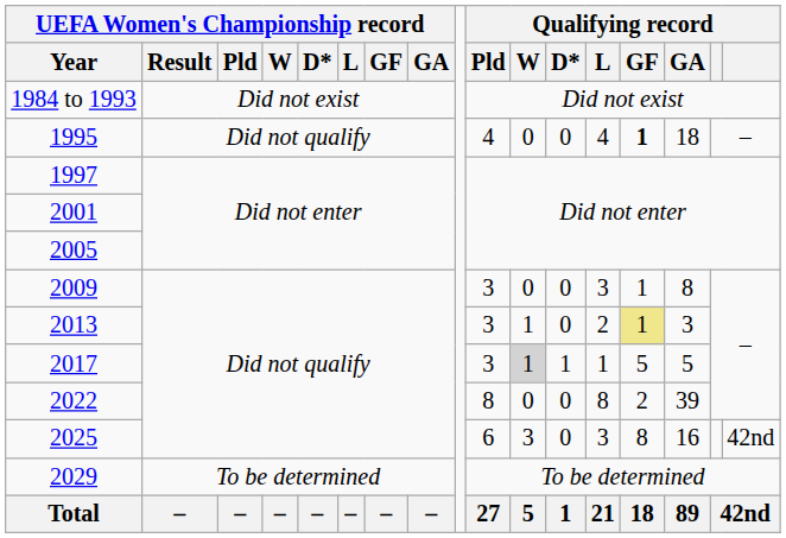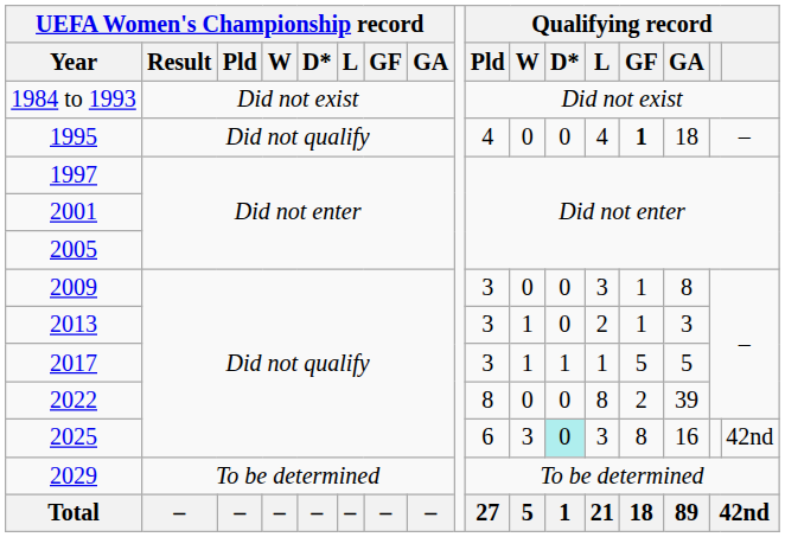 <table class="wikitable" style="text-align: center;">
 <tr>
 <th colspan=8><a href='#'>UEFA Women's Championship</a> record</th>
 <td rowspan=100></td>
 <th colspan=8>Qualifying record</th>
 </tr>
 <tr>
 <th>Year</th>
 <th>Result</th>
 <th>Pld</th>
 <th>W</th>
 <th>D*</th>
 <th>L</th>
 <th>GF</th>
 <th>GA<br></th>
 <th>Pld</th>
 <th>W</th>
 <th>D*</th>
 <th>L</th>
 <th>GF</th>
 <th>GA</th>
 <th></th>
 <th></th>
 </tr>
 <tr>
 <td><a href='#'>1984</a> to  <a href='#'>1993</a></td>
 <td colspan=7><em>Did not exist</em></td>
 <td colspan=8><em>Did not exist</em></td>
 </tr>
 <tr>
 <td> <a href='#'>1995</a></td>
 <td colspan=7><em>Did not qualify</em></td>
 <td>4</td>
 <td>0</td>
 <td>0</td>
 <td>4</td>
 <td><strong>1</strong></td>
 <td>18</td>
 <td colspan=2>–</td>
 </tr>
 <tr>
 <td> <a href='#'>1997</a></td>
 <td colspan=7 rowspan=3><em>Did not enter</em></td>
 <td colspan=8 rowspan=3><em>Did not enter</em></td>
 </tr>
 <tr>
 <td> <a href='#'>2001</a></td>
 </tr>
 <tr>
 <td> <a href='#'>2005</a></td>
 </tr>
 <tr>
 <td> <a href='#'>2009</a></td>
 <td colspan=7 rowspan=5><em>Did not qualify</em></td>
 <td>3</td>
 <td>0</td>
 <td>0</td>
 <td>3</td>
 <td>1</td>
 <td>8</td>
 <td colspan=2 rowspan=4>–</td>
 </tr>
 <tr>
 <td> <a href='#'>2013</a></td>
 <td>3</td>
 <td>1</td>
 <td>0</td>
 <td>2</td>
-<td style="background: khaki;">1</td>
+<td>1</td>
 <td>3</td>
 </tr>
 <tr>
 <td> <a href='#'>2017</a></td>
 <td>3</td>
-<td style="background: lightgrey;">1</td>
+<td>1</td>
 <td>1</td>
 <td>1</td>
 <td>5</td>
 <td>5</td>
 </tr>
 <tr>
 <td> <a href='#'>2022</a></td>
 <td>8</td>
 <td>0</td>
 <td>0</td>
 <td>8</td>
 <td>2</td>
 <td>39</td>
 </tr>
 <tr>
 <td> <a href='#'>2025</a></td>
 <td>6</td>
 <td>3</td>
-<td>0</td>
+<td style="background: paleturquoise;">0</td>
 <td>3</td>
 <td>8</td>
 <td>16</td>
 <td></td>
 <td>42nd</td>
 </tr>
 <tr>
 <td><a href='#'>2029</a></td>
 <td colspan=7><em>To be determined</em></td>
 <td colspan=8><em>To be determined</em></td>
 </tr>
 <tr>
 <th>Total</th>
 <th>–</th>
 <th>–</th>
 <th>–</th>
 <th>–</th>
 <th>–</th>
 <th>–</th>
 <th>–</th>
 <th>27</th>
 <th>5</th>
 <th>1</th>
 <th>21</th>
 <th>18</th>
 <th>89</th>
 <th colspan=2>42nd</th>
 </tr>
 </table>
